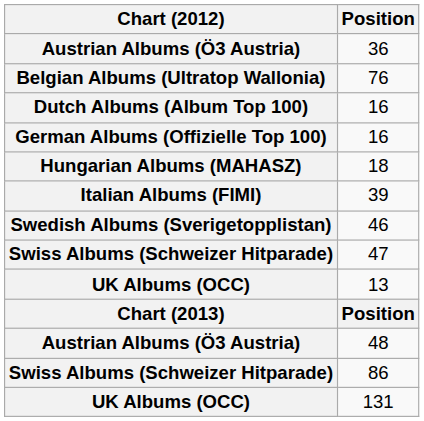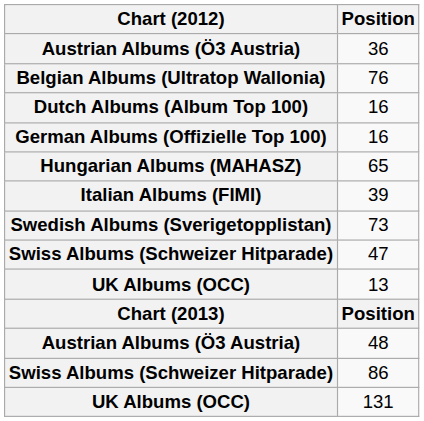 <table class="wikitable plainrowheaders">
 <tr>
 <th>Chart (2012)</th>
 <th>Position</th>
 </tr>
 <tr>
 <th scope="row">Austrian Albums (Ö3 Austria)</th>
 <td style="text-align:center;">36</td>
 </tr>
 <tr>
 <th scope="row">Belgian Albums (Ultratop Wallonia)</th>
 <td style="text-align:center;">76</td>
 </tr>
 <tr>
 <th scope="row">Dutch Albums (Album Top 100)</th>
 <td style="text-align:center;">16</td>
 </tr>
 <tr>
 <th scope="row">German Albums (Offizielle Top 100)</th>
 <td style="text-align:center;">16</td>
 </tr>
 <tr>
 <th scope="row">Hungarian Albums (MAHASZ)</th>
-<td style="text-align:center;">18</td>
+<td style="text-align:center;">65</td>
 </tr>
 <tr>
 <th scope="row">Italian Albums (FIMI)</th>
 <td style="text-align:center;">39</td>
 </tr>
 <tr>
 <th scope="row">Swedish Albums (Sverigetopplistan)</th>
-<td style="text-align:center;">46</td>
+<td style="text-align:center;">73</td>
 </tr>
 <tr>
 <th scope="row">Swiss Albums (Schweizer Hitparade)</th>
 <td style="text-align:center;">47</td>
 </tr>
 <tr>
 <th scope="row">UK Albums (OCC)</th>
 <td style="text-align:center;">13</td>
 </tr>
 <tr>
 <th scope="col">Chart (2013)</th>
 <th scope="col">Position</th>
 </tr>
 <tr>
 <th scope="row">Austrian Albums (Ö3 Austria)</th>
 <td style="text-align:center;">48</td>
 </tr>
 <tr>
 <th scope="row">Swiss Albums (Schweizer Hitparade)</th>
 <td style="text-align:center;">86</td>
 </tr>
 <tr>
 <th scope="row">UK Albums (OCC)</th>
 <td style="text-align:center;">131</td>
 </tr>
 </table>
